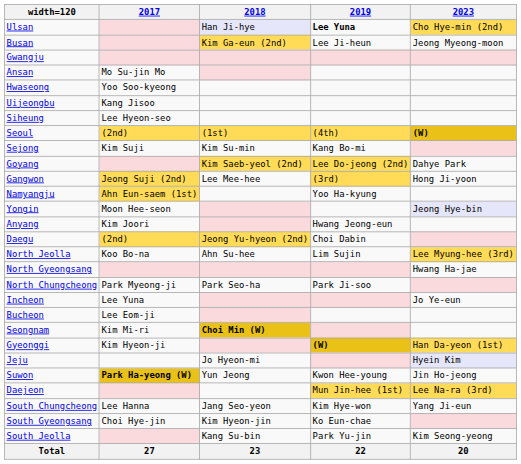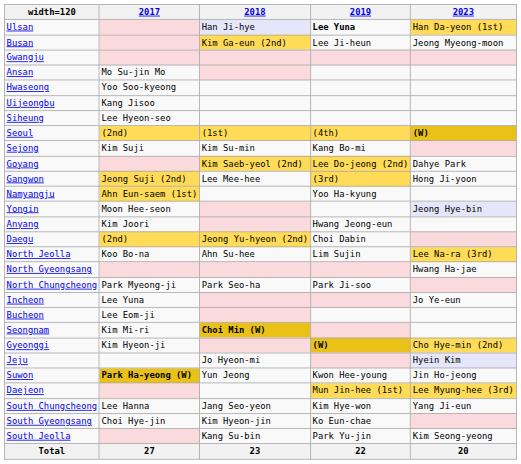 <table class="wikitable" style="font-size: 82%">
 <tr>
 <th>width=120 </th>
 <th><a href='#'>2017</a></th>
 <th><a href='#'>2018</a></th>
 <th><a href='#'>2019</a></th>
 <th><a href='#'>2023</a></th>
 </tr>
 <tr>
 <td><a href='#'>Ulsan</a></td>
 <td bgcolor=#FADADD></td>
 <td bgcolor=#E6E6FA>Han Ji-hye</td>
 <td><strong>Lee Yuna</strong></td>
-<td bgcolor="#FFDB58">Cho Hye-min (2nd)</td>
+<td bgcolor="#FFDB58">Han Da-yeon (1st)</td>
 </tr>
 <tr>
 <td><a href='#'>Busan</a></td>
 <td bgcolor=#FADADD></td>
 <td bgcolor="#FFDB58">Kim Ga-eun (2nd)</td>
 <td>Lee Ji-heun</td>
 <td>Jeong Myeong-moon</td>
 </tr>
 <tr>
 <td><a href='#'>Gwangju</a></td>
 <td bgcolor=#FADADD></td>
 <td bgcolor=#FADADD></td>
 <td bgcolor=#FADADD></td>
 <td bgcolor=#FADADD></td>
 </tr>
 <tr>
 <td><a href='#'>Ansan</a></td>
 <td>Mo Su-jin Mo</td>
 <td bgcolor=#FADADD></td>
 <td></td>
 <td></td>
 </tr>
 <tr>
 <td><a href='#'>Hwaseong</a></td>
 <td>Yoo Soo-kyeong</td>
 <td></td>
 <td></td>
 <td></td>
 </tr>
 <tr>
 <td><a href='#'>Uijeongbu</a></td>
 <td>Kang Jisoo</td>
 <td></td>
 <td></td>
 <td></td>
 </tr>
 <tr>
 <td><a href='#'>Siheung</a></td>
 <td>Lee Hyeon-seo</td>
 <td></td>
 <td></td>
 <td></td>
 </tr>
 <tr>
 <td><a href='#'>Seoul</a></td>
 <td bgcolor="#FFDB58"> (2nd)</td>
 <td bgcolor="#FFDB58"> (1st)</td>
 <td bgcolor="#FFDB58"> (4th)</td>
 <td bgcolor="#EAC117"><strong> (W)</strong></td>
 </tr>
 <tr>
 <td><a href='#'>Sejong</a></td>
 <td>Kim Suji</td>
 <td>Kim Su-min</td>
 <td>Kang Bo-mi</td>
 <td bgcolor=#FADADD></td>
 </tr>
 <tr>
 <td><a href='#'>Goyang</a></td>
 <td bgcolor=#FADADD></td>
 <td bgcolor="#FFDB58">Kim Saeb-yeol (2nd)</td>
 <td bgcolor="#FFDB58">Lee Do-jeong (2nd)</td>
 <td>Dahye Park</td>
 </tr>
 <tr>
 <td><a href='#'>Gangwon</a></td>
 <td bgcolor="#FFDB58">Jeong Suji (2nd)</td>
 <td>Lee Mee-hee</td>
 <td bgcolor="#FFDB58"> (3rd)</td>
 <td>Hong Ji-yoon</td>
 </tr>
 <tr>
 <td><a href='#'>Namyangju</a></td>
 <td bgcolor="#FFDB58">Ahn Eun-saem (1st)</td>
 <td></td>
 <td>Yoo Ha-kyung</td>
 <td></td>
 </tr>
 <tr>
 <td><a href='#'>Yongin</a></td>
 <td>Moon Hee-seon</td>
 <td bgcolor=#FADADD></td>
 <td></td>
 <td bgcolor=#E6E6FA>Jeong Hye-bin</td>
 </tr>
 <tr>
 <td><a href='#'>Anyang</a></td>
 <td>Kim Joori</td>
 <td bgcolor=#FADADD></td>
 <td>Hwang Jeong-eun</td>
 <td></td>
 </tr>
 <tr>
 <td><a href='#'>Daegu</a></td>
 <td bgcolor="#FFDB58"> (2nd)</td>
 <td bgcolor="#FFDB58">Jeong Yu-hyeon (2nd)</td>
 <td>Choi Dabin</td>
 <td bgcolor=#FADADD></td>
 </tr>
 <tr>
 <td><a href='#'>North Jeolla</a></td>
 <td>Koo Bo-na</td>
 <td>Ahn Su-hee</td>
 <td>Lim Sujin</td>
-<td bgcolor="#FFDB58">Lee Myung-hee (3rd)</td>
+<td bgcolor="#FFDB58">Lee Na-ra (3rd)</td>
 </tr>
 <tr>
 <td><a href='#'>North Gyeongsang</a></td>
 <td bgcolor=#FADADD></td>
 <td bgcolor=#FADADD></td>
 <td bgcolor=#FADADD></td>
 <td>Hwang Ha-jae</td>
 </tr>
 <tr>
 <td><a href='#'>North Chungcheong</a></td>
 <td>Park Myeong-ji</td>
 <td>Park Seo-ha</td>
 <td>Park Ji-soo</td>
 <td bgcolor=#FADADD></td>
 </tr>
 <tr>
 <td><a href='#'>Incheon</a></td>
 <td>Lee Yuna</td>
 <td bgcolor=#FADADD></td>
 <td bgcolor=#FADADD></td>
 <td>Jo Ye-eun</td>
 </tr>
 <tr>
 <td><a href='#'>Bucheon</a></td>
 <td>Lee Eom-ji</td>
 <td bgcolor=#FADADD></td>
 <td></td>
 <td></td>
 </tr>
 <tr>
 <td><a href='#'>Seongnam</a></td>
 <td>Kim Mi-ri</td>
 <td bgcolor="#EAC117"><strong>Choi Min (W)</strong></td>
 <td bgcolor=#FADADD></td>
 <td></td>
 </tr>
 <tr>
 <td><a href='#'>Gyeonggi</a></td>
 <td>Kim Hyeon-ji</td>
 <td bgcolor=#FADADD></td>
 <td bgcolor="#EAC117"><strong> (W)</strong></td>
-<td bgcolor="#FFDB58">Han Da-yeon (1st)</td>
+<td bgcolor="#FFDB58">Cho Hye-min (2nd)</td>
 </tr>
 <tr>
 <td><a href='#'>Jeju</a></td>
 <td></td>
 <td>Jo Hyeon-mi</td>
 <td bgcolor=#FADADD></td>
 <td bgcolor=#E6E6FA>Hyein Kim</td>
 </tr>
 <tr>
 <td><a href='#'>Suwon</a></td>
 <td bgcolor="#EAC117"><strong>Park Ha-yeong (W)</strong></td>
 <td>Yun Jeong</td>
 <td>Kwon Hee-young</td>
 <td>Jin Ho-jeong</td>
 </tr>
 <tr>
 <td><a href='#'>Daejeon</a></td>
 <td bgcolor=#FADADD></td>
 <td></td>
 <td bgcolor="#FFDB58">Mun Jin-hee (1st)</td>
-<td bgcolor="#FFDB58">Lee Na-ra (3rd)</td>
+<td bgcolor="#FFDB58">Lee Myung-hee (3rd)</td>
 </tr>
 <tr>
 <td><a href='#'>South Chungcheong</a></td>
 <td>Lee Hanna</td>
 <td>Jang Seo-yeon</td>
 <td>Kim Hye-won</td>
 <td>Yang Ji-eun</td>
 </tr>
 <tr>
 <td><a href='#'>South Gyeongsang</a></td>
 <td>Choi Hye-jin</td>
 <td>Kim Hyeon-jin</td>
 <td>Ko Eun-chae</td>
 <td bgcolor=#FADADD></td>
 </tr>
 <tr>
 <td><a href='#'>South Jeolla</a></td>
 <td bgcolor=#FADADD></td>
 <td>Kang Su-bin</td>
 <td>Park Yu-jin</td>
 <td>Kim Seong-yeong</td>
 </tr>
 <tr>
 <th>Total</th>
 <th>27</th>
 <th>23</th>
 <th>22</th>
 <th>20</th>
 </tr>
 </table>
